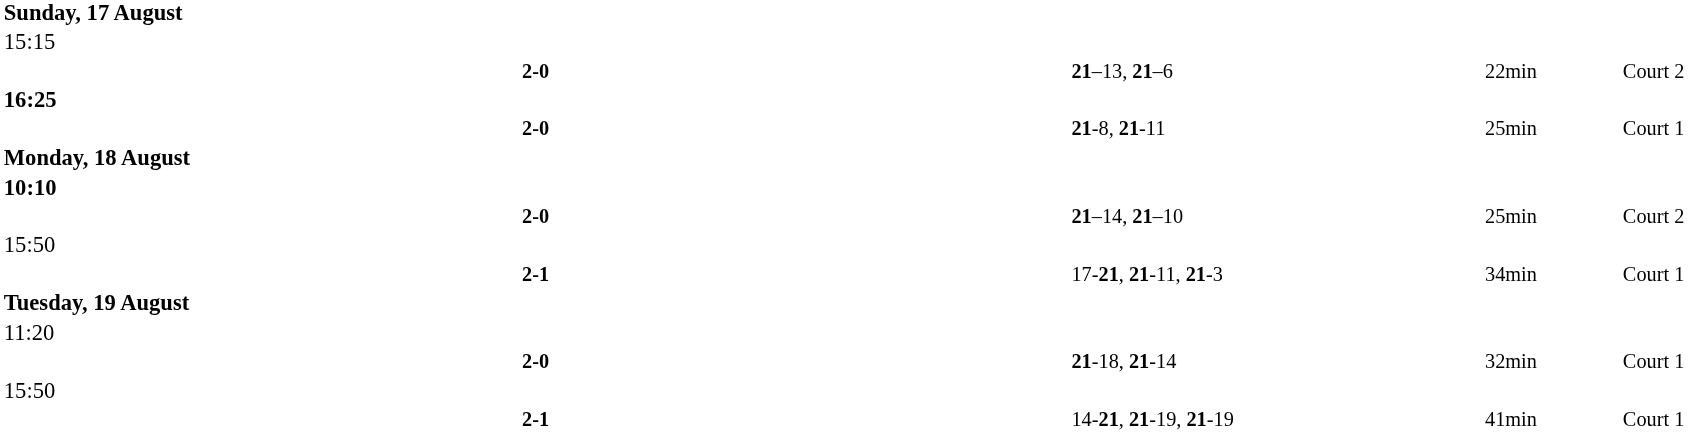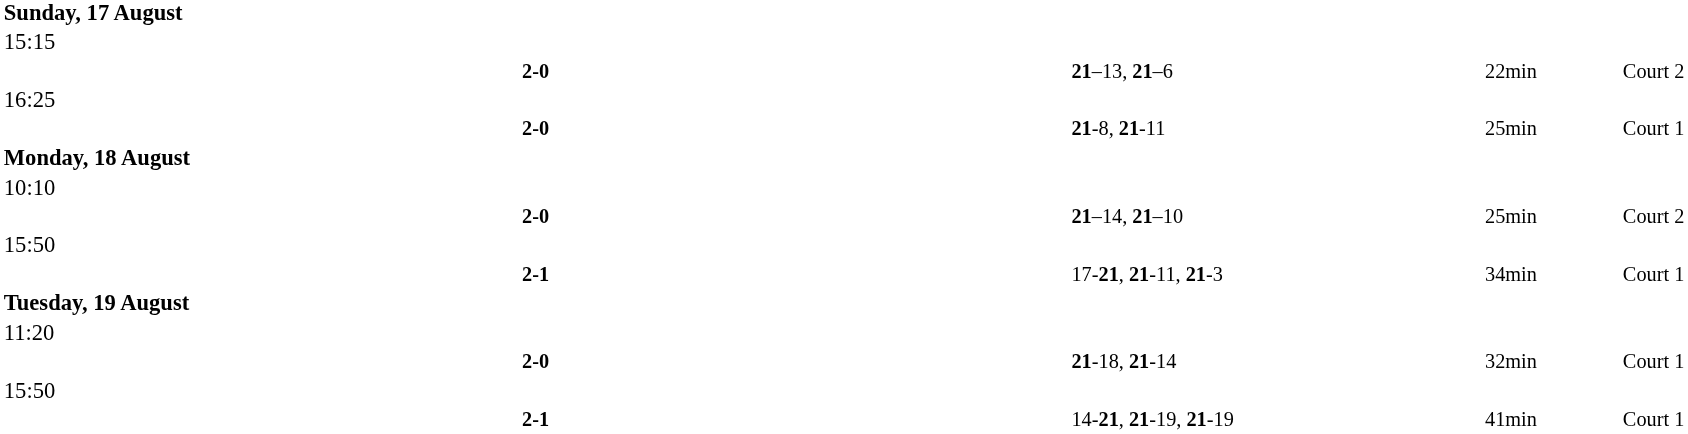 <table style="width:100%;" cellspacing="1">
 <tr>
 <th width=25%></th>
 <th width=10%></th>
 <th width=25%></th>
 </tr>
 <tr>
 <td><strong>Sunday, 17 August</strong></td>
 </tr>
 <tr>
 <td>15:15</td>
 </tr>
 <tr style=font-size:90%>
 <td align=right><strong></strong></td>
 <td align=center><strong> 2-0 </strong></td>
 <td></td>
 <td><strong>21</strong>–13, <strong>21</strong>–6</td>
 <td>22min</td>
 <td>Court 2</td>
 </tr>
 <tr>
-<td><strong>16:25</strong></td>
+<td>16:25</td>
 </tr>
 <tr style=font-size:90%>
 <td align=right><strong></strong></td>
 <td align=center><strong> 2-0 </strong></td>
 <td></td>
 <td><strong>21</strong>-8, <strong>21</strong>-11</td>
 <td>25min</td>
 <td>Court 1</td>
 </tr>
 <tr>
 <td><strong>Monday, 18 August</strong></td>
 </tr>
 <tr>
-<td><strong>10:10</strong></td>
+<td>10:10</td>
 </tr>
 <tr style=font-size:90%>
 <td align=right><strong></strong></td>
 <td align=center><strong> 2-0 </strong></td>
 <td></td>
 <td><strong>21</strong>–14, <strong>21</strong>–10</td>
 <td>25min</td>
 <td>Court 2</td>
 </tr>
 <tr>
 <td>15:50</td>
 </tr>
 <tr style=font-size:90%>
 <td align=right><strong></strong></td>
 <td align=center><strong> 2-1 </strong></td>
 <td></td>
 <td>17-<strong>21</strong>, <strong>21</strong>-11, <strong>21</strong>-3</td>
 <td>34min</td>
 <td>Court 1</td>
 </tr>
 <tr>
 <td><strong>Tuesday, 19 August</strong></td>
 </tr>
 <tr>
 <td>11:20</td>
 </tr>
 <tr style=font-size:90%>
 <td align=right><strong></strong></td>
 <td align=center><strong> 2-0 </strong></td>
 <td></td>
 <td><strong>21</strong>-18, <strong>21</strong>-14</td>
 <td>32min</td>
 <td>Court 1</td>
 </tr>
 <tr>
 <td>15:50</td>
 </tr>
 <tr style=font-size:90%>
 <td align=right><strong></strong></td>
 <td align=center><strong> 2-1 </strong></td>
 <td></td>
 <td>14-<strong>21</strong>, <strong>21</strong>-19, <strong>21</strong>-19</td>
 <td>41min</td>
 <td>Court 1</td>
 </tr>
 </table>
